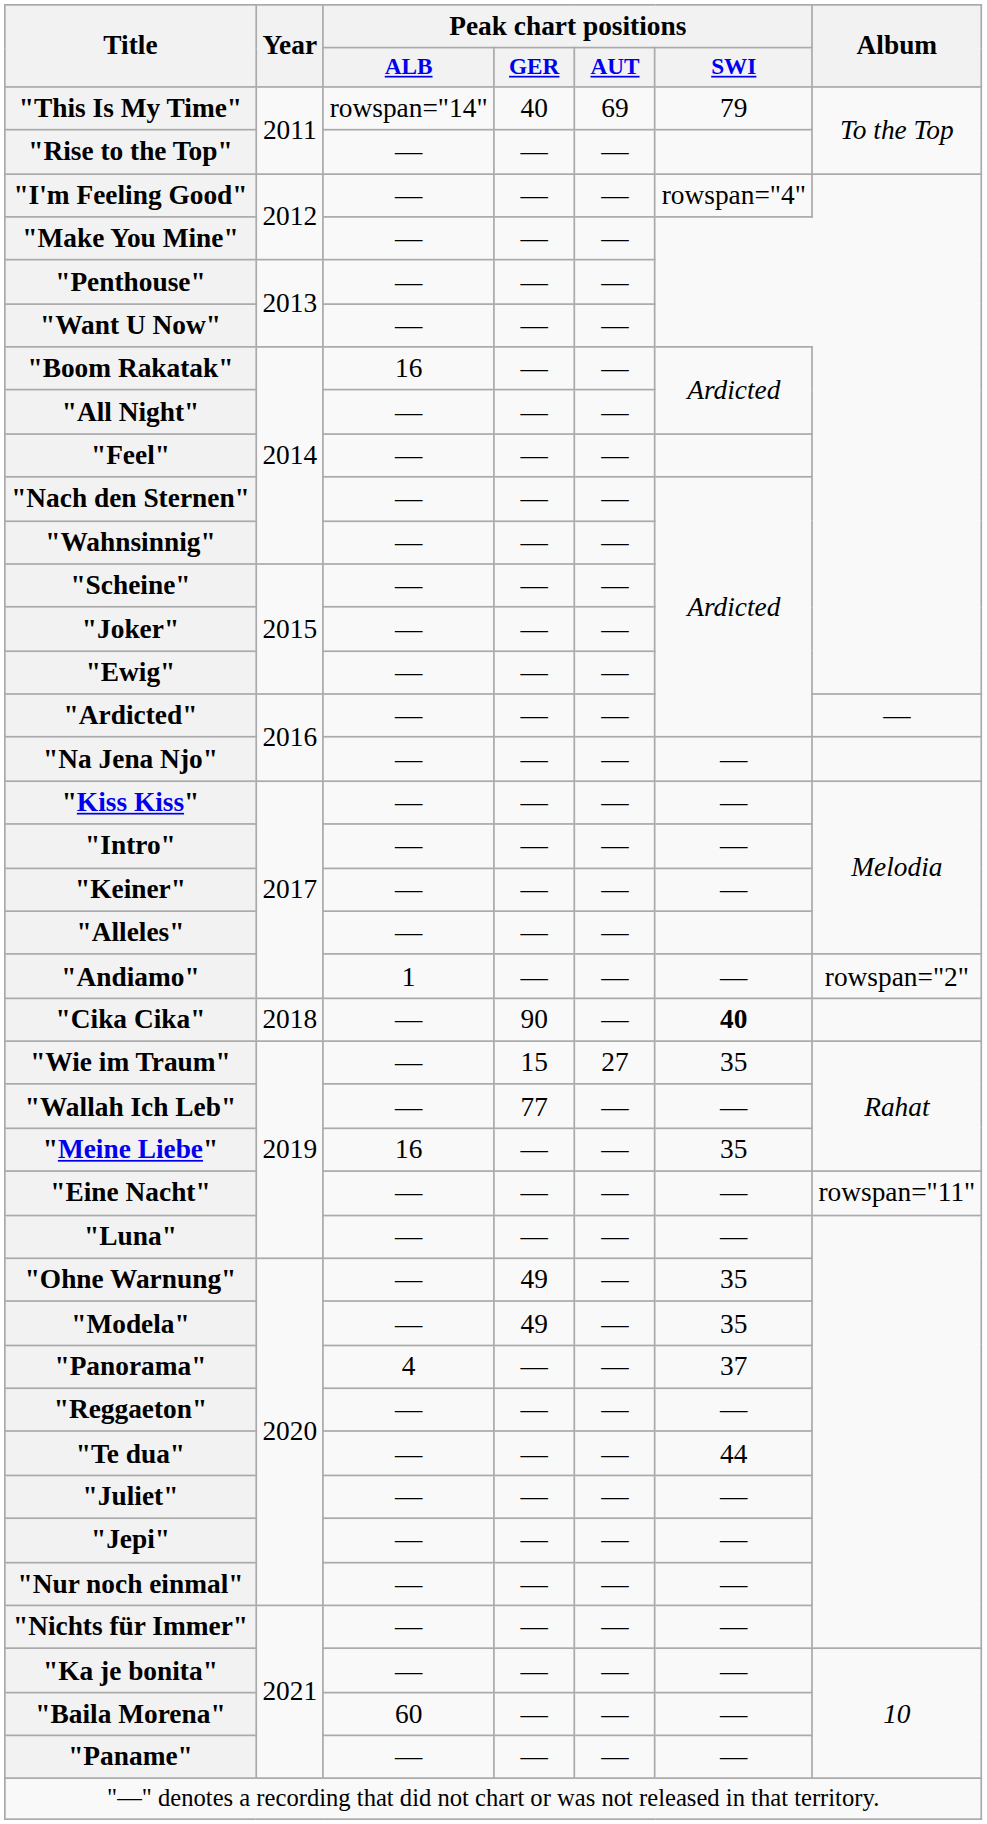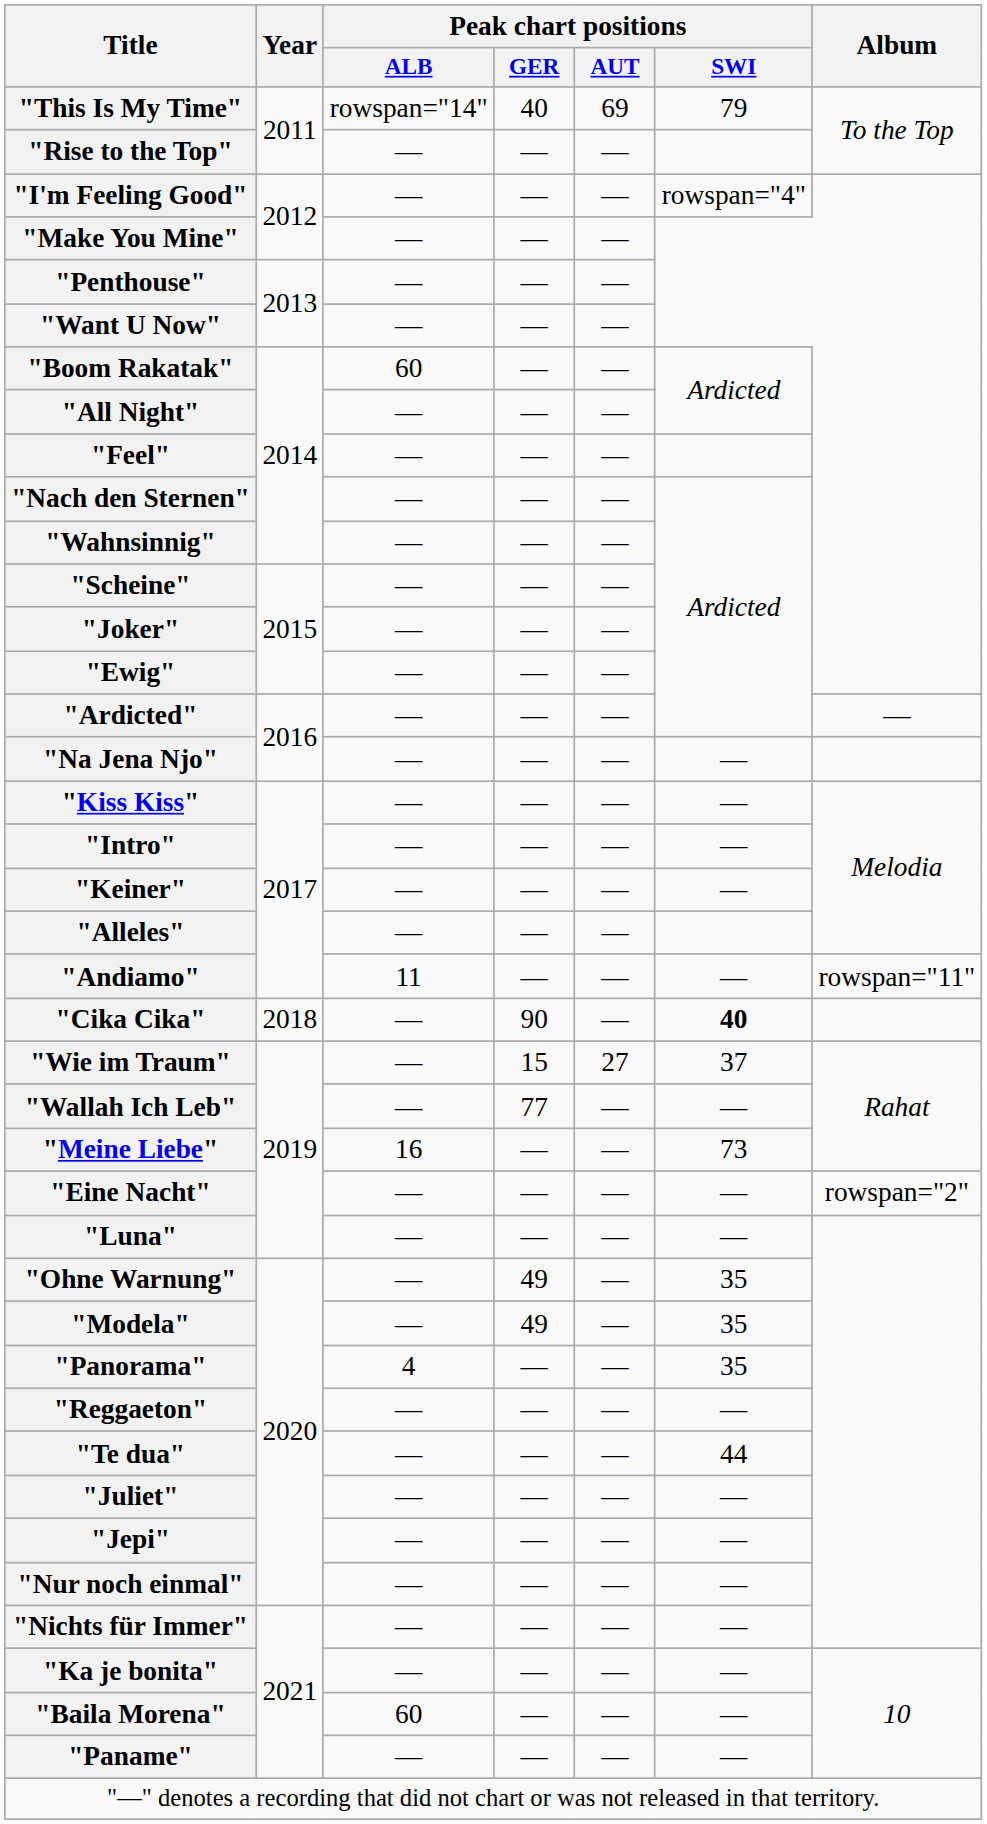 <table class="wikitable plainrowheaders" style="text-align:center;">
 <tr>
 <th scope="col" rowspan="2">Title</th>
 <th scope="col" rowspan="2">Year</th>
 <th scope="col" colspan="4">Peak chart positions</th>
 <th scope="col" rowspan="2">Album</th>
 </tr>
 <tr>
 <th scope="col" style="width:3em; font-size:85%;"><a href='#'>ALB</a><br></th>
 <th scope="col" style="width:3em; font-size:85%;"><a href='#'>GER</a><br></th>
 <th scope="col" style="width:3em; font-size:85%;"><a href='#'>AUT</a><br></th>
 <th scope="col" style="width:3em; font-size:85%;"><a href='#'>SWI</a><br></th>
 </tr>
 <tr>
 <th scope="row">"This Is My Time"</th>
 <td rowspan="2">2011</td>
 <td>rowspan="14" </td>
 <td>40</td>
 <td>69</td>
 <td>79</td>
 <td rowspan="2"><em>To the Top</em></td>
 </tr>
 <tr>
 <th scope="row">"Rise to the Top"</th>
 <td>—</td>
 <td>—</td>
 <td>—</td>
 </tr>
 <tr>
 <th scope="row">"I'm Feeling Good"</th>
 <td rowspan="2">2012</td>
 <td>—</td>
 <td>—</td>
 <td>—</td>
 <td>rowspan="4" </td>
 </tr>
 <tr>
 <th scope="row">"Make You Mine"</th>
 <td>—</td>
 <td>—</td>
 <td>—</td>
 </tr>
 <tr>
 <th scope="row">"Penthouse"<br></th>
 <td rowspan="2">2013</td>
 <td>—</td>
 <td>—</td>
 <td>—</td>
 </tr>
 <tr>
 <th scope="row">"Want U Now"<br></th>
 <td>—</td>
 <td>—</td>
 <td>—</td>
 </tr>
 <tr>
 <th scope="row">"Boom Rakatak"<br></th>
 <td rowspan="5">2014</td>
-<td>16</td>
+<td>60</td>
 <td>—</td>
 <td>—</td>
 <td rowspan="2"><em>Ardicted</em></td>
 </tr>
 <tr>
 <th scope="row">"All Night"<br></th>
 <td>—</td>
 <td>—</td>
 <td>—</td>
 </tr>
 <tr>
 <th scope="row">"Feel"<br></th>
 <td>—</td>
 <td>—</td>
 <td>—</td>
 <td></td>
 </tr>
 <tr>
 <th scope="row">"Nach den Sternen"</th>
 <td>—</td>
 <td>—</td>
 <td>—</td>
 <td rowspan="6"><em>Ardicted</em></td>
 </tr>
 <tr>
 <th scope="row">"Wahnsinnig"</th>
 <td>—</td>
 <td>—</td>
 <td>—</td>
 </tr>
 <tr>
 <th scope="row">"Scheine"<br></th>
 <td rowspan="3">2015</td>
 <td>—</td>
 <td>—</td>
 <td>—</td>
 </tr>
 <tr>
 <th scope="row">"Joker"</th>
 <td>—</td>
 <td>—</td>
 <td>—</td>
 </tr>
 <tr>
 <th scope="row">"Ewig"</th>
 <td>—</td>
 <td>—</td>
 <td>—</td>
 </tr>
 <tr>
 <th scope="row">"Ardicted"</th>
 <td rowspan="2">2016</td>
 <td>—</td>
 <td>—</td>
 <td>—</td>
 <td>—</td>
 </tr>
 <tr>
 <th scope="row">"Na Jena Njo"<br></th>
 <td>—</td>
 <td>—</td>
 <td>—</td>
 <td>—</td>
 <td></td>
 </tr>
 <tr>
 <th scope="row">"<a href='#'>Kiss Kiss</a>"<br></th>
 <td rowspan="5">2017</td>
 <td>—</td>
 <td>—</td>
 <td>—</td>
 <td>—</td>
 <td rowspan="4"><em>Melodia</em></td>
 </tr>
 <tr>
 <th scope="row">"Intro"</th>
 <td>—</td>
 <td>—</td>
 <td>—</td>
 <td>—</td>
 </tr>
 <tr>
 <th scope="row">"Keiner"</th>
 <td>—</td>
 <td>—</td>
 <td>—</td>
 <td>—</td>
 </tr>
 <tr>
 <th scope="row">"Alleles"</th>
 <td>—</td>
 <td>—</td>
 <td>—</td>
 </tr>
 <tr>
 <th scope="row">"Andiamo"<br></th>
-<td>1</td>
+<td>11</td>
 <td>—</td>
 <td>—</td>
 <td>—</td>
-<td>rowspan="2" </td>
+<td>rowspan="11" </td>
 </tr>
 <tr>
 <th scope="row">"Cika Cika"<br></th>
 <td>2018</td>
 <td>—</td>
 <td>90</td>
 <td>—</td>
 <td><strong>40</strong></td>
 </tr>
 <tr>
 <th scope="row">"Wie im Traum"<br></th>
 <td rowspan="5">2019</td>
 <td>—</td>
 <td>15</td>
 <td>27</td>
-<td>35</td>
+<td>37</td>
 <td rowspan="3"><em>Rahat</em></td>
 </tr>
 <tr>
 <th scope="row">"Wallah Ich Leb"</th>
 <td>—</td>
 <td>77</td>
 <td>—</td>
 <td>—</td>
 </tr>
 <tr>
 <th scope="row">"<a href='#'>Meine Liebe</a>"<br></th>
 <td>16</td>
 <td>—</td>
 <td>—</td>
-<td>35</td>
+<td>73</td>
 </tr>
 <tr>
 <th scope="row">"Eine Nacht"</th>
 <td>—</td>
 <td>—</td>
 <td>—</td>
 <td>—</td>
-<td>rowspan="11" </td>
+<td>rowspan="2" </td>
 </tr>
 <tr>
 <th scope="row">"Luna"</th>
 <td>—</td>
 <td>—</td>
 <td>—</td>
 <td>—</td>
 </tr>
 <tr>
 <th scope="row">"Ohne Warnung"</th>
 <td rowspan="8">2020</td>
 <td>—</td>
 <td>49</td>
 <td>—</td>
 <td>35</td>
 </tr>
 <tr>
 <th scope="row">"Modela"</th>
 <td>—</td>
 <td>49</td>
 <td>—</td>
 <td>35</td>
 </tr>
 <tr>
 <th scope="row">"Panorama"<br></th>
 <td>4</td>
 <td>—</td>
 <td>—</td>
-<td>37</td>
+<td>35</td>
 </tr>
 <tr>
 <th scope="row">"Reggaeton"<br></th>
 <td>—</td>
 <td>—</td>
 <td>—</td>
 <td>—</td>
 </tr>
 <tr>
 <th scope="row">"Te dua"<br></th>
 <td>—</td>
 <td>—</td>
 <td>—</td>
 <td>44</td>
 </tr>
 <tr>
 <th scope="row">"Juliet"</th>
 <td>—</td>
 <td>—</td>
 <td>—</td>
 <td>—</td>
 </tr>
 <tr>
 <th scope="row">"Jepi"</th>
 <td>—</td>
 <td>—</td>
 <td>—</td>
 <td>—</td>
 </tr>
 <tr>
 <th scope="row">"Nur noch einmal"</th>
 <td>—</td>
 <td>—</td>
 <td>—</td>
 <td>—</td>
 </tr>
 <tr>
 <th scope="row">"Nichts für Immer"<br></th>
 <td rowspan="4">2021</td>
 <td>—</td>
 <td>—</td>
 <td>—</td>
 <td>—</td>
 </tr>
 <tr>
 <th scope="row">"Ka je bonita"</th>
 <td>—</td>
 <td>—</td>
 <td>—</td>
 <td>—</td>
 <td rowspan="3"><em>10</em></td>
 </tr>
 <tr>
 <th scope="row">"Baila Morena"</th>
 <td>60</td>
 <td>—</td>
 <td>—</td>
 <td>—</td>
 </tr>
 <tr>
 <th scope="row">"Paname"</th>
 <td>—</td>
 <td>—</td>
 <td>—</td>
 <td>—</td>
 </tr>
 <tr>
 <td colspan="11" style="font-size:90%">"—" denotes a recording that did not chart or was not released in that territory.</td>
 </tr>
 </table>
